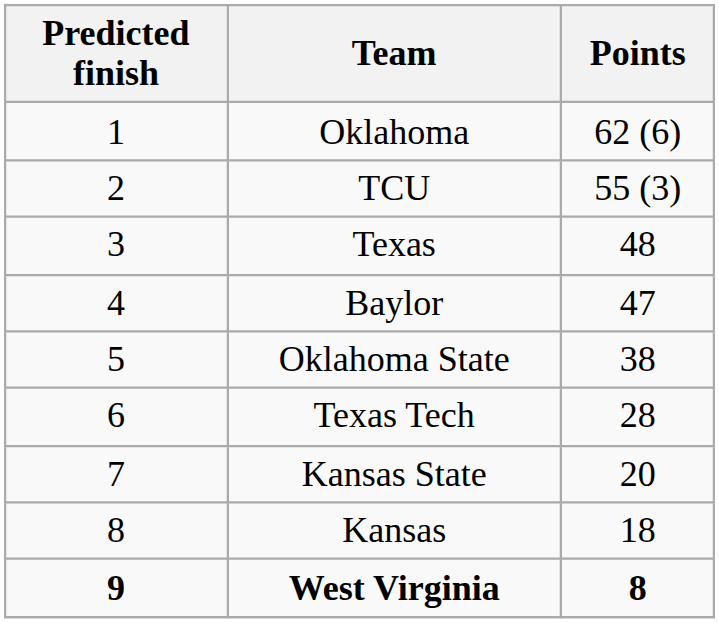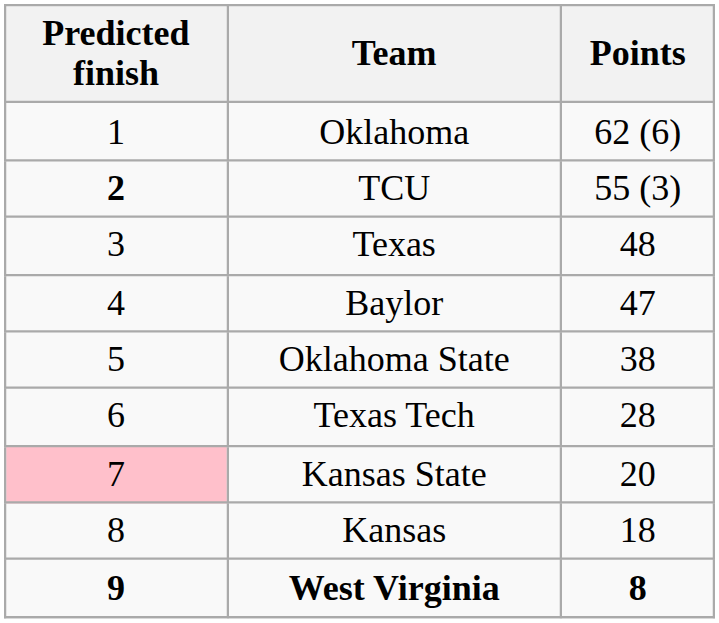 <table class="wikitable" style="width: 25%;text-align: center;">
 <tr align="center">
 <th>Predicted<br>finish</th>
 <th>Team</th>
 <th>Points</th>
 </tr>
 <tr align="center">
 <td>1</td>
 <td>Oklahoma</td>
 <td>62 (6)</td>
 </tr>
 <tr align="center">
-<td>2</td>
+<td><strong>2</strong></td>
 <td>TCU</td>
 <td>55 (3)</td>
 </tr>
 <tr align="center">
 <td>3</td>
 <td>Texas</td>
 <td>48</td>
 </tr>
 <tr align="center">
 <td>4</td>
 <td>Baylor</td>
 <td>47</td>
 </tr>
 <tr align="center">
 <td>5</td>
 <td>Oklahoma State</td>
 <td>38</td>
 </tr>
 <tr align="center">
 <td>6</td>
 <td>Texas Tech</td>
 <td>28</td>
 </tr>
 <tr align="center">
-<td>7</td>
+<td style="background: pink;">7</td>
 <td>Kansas State</td>
 <td>20</td>
 </tr>
 <tr align="center">
 <td>8</td>
 <td>Kansas</td>
 <td>18</td>
 </tr>
 <tr align="center">
 <td><strong>9</strong></td>
 <td><strong>West Virginia</strong></td>
 <td><strong>8</strong></td>
 </tr>
 <tr align="center">
 </tr>
 </table>
